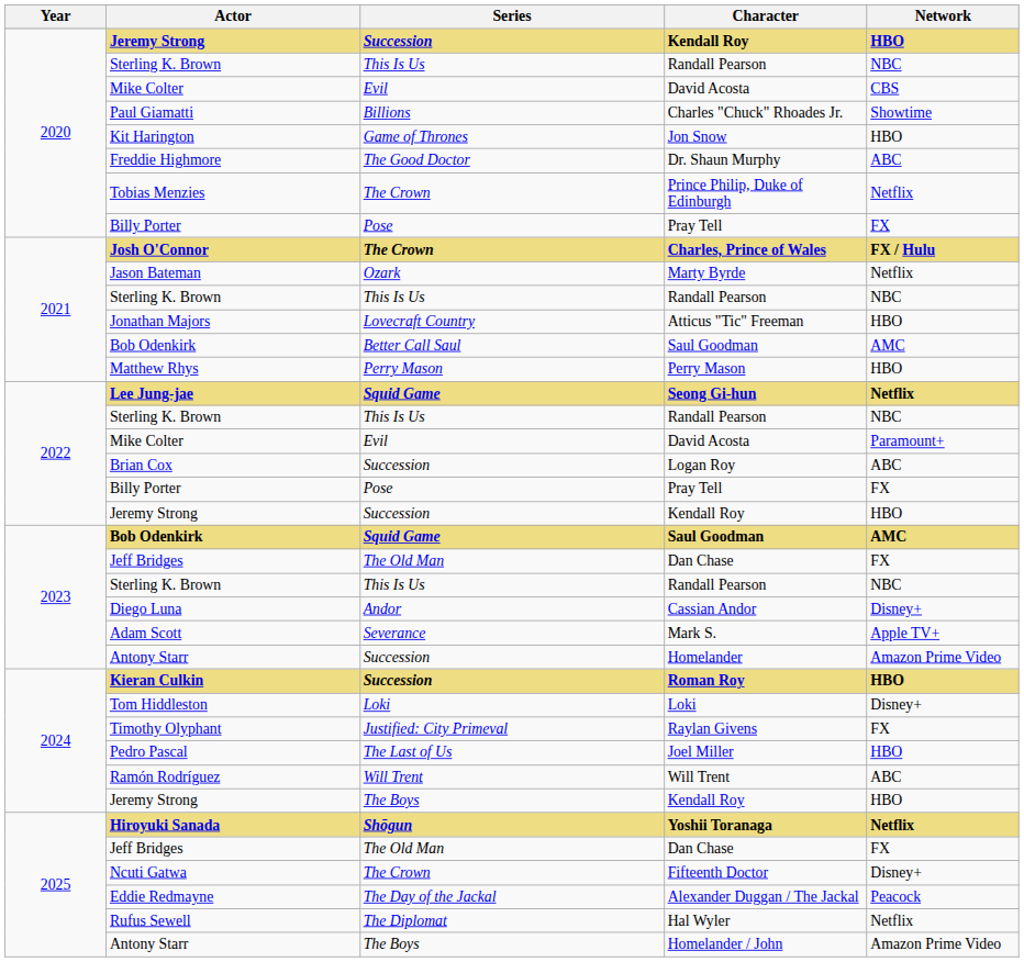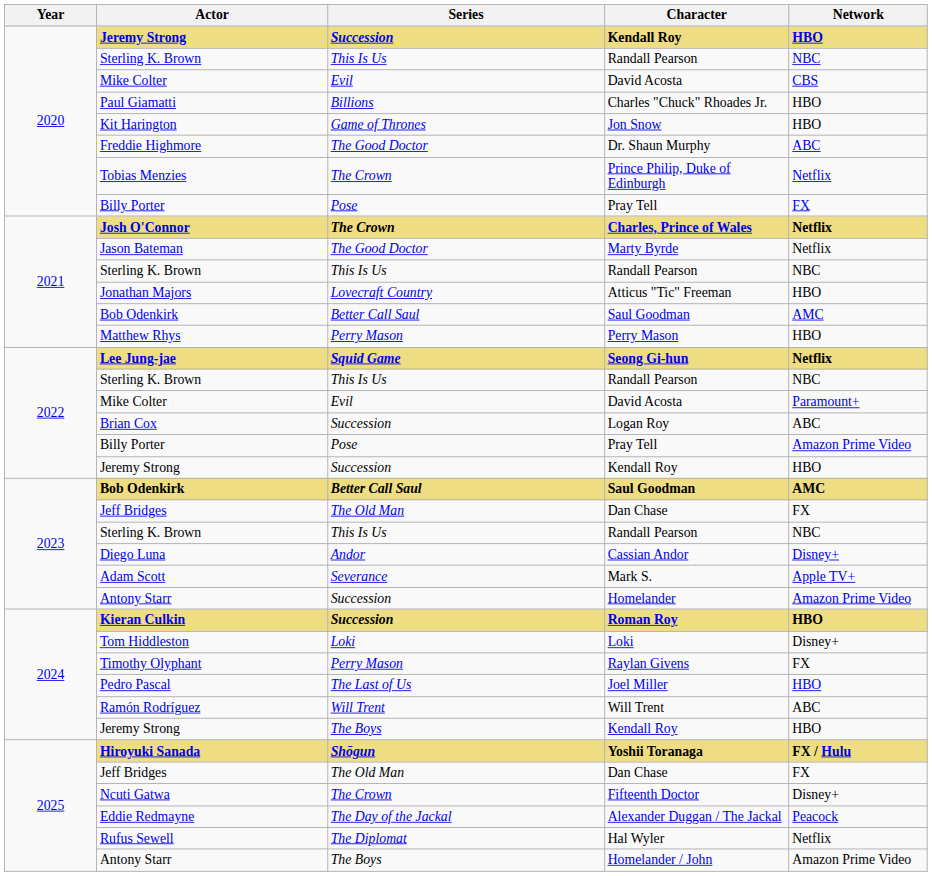 <table class="wikitable" style="width:85%">
 <tr style="background:#bebebe;">
 <th style="width:10%;">Year</th>
 <th style="wodth:25%;">Actor</th>
 <th style="width:30%;">Series</th>
 <th style="width:20%;">Character</th>
 <th style="width:15%;">Network</th>
 </tr>
 <tr>
 <td rowspan="8" style="text-align:center;"><a href='#'>2020</a><br></td>
 <td style="background:#EEDD82;"><strong><a href='#'>Jeremy Strong</a></strong></td>
 <td style="background:#EEDD82;"><strong><em><a href='#'>Succession</a></em></strong></td>
 <td style="background:#EEDD82;"><strong>Kendall Roy</strong></td>
 <td style="background:#EEDD82;"><strong><a href='#'>HBO</a></strong></td>
 </tr>
 <tr>
 <td><a href='#'>Sterling K. Brown</a></td>
 <td><em><a href='#'>This Is Us</a></em></td>
 <td>Randall Pearson</td>
 <td><a href='#'>NBC</a></td>
 </tr>
 <tr>
 <td><a href='#'>Mike Colter</a></td>
 <td><em><a href='#'>Evil</a></em></td>
 <td>David Acosta</td>
 <td><a href='#'>CBS</a></td>
 </tr>
 <tr>
 <td><a href='#'>Paul Giamatti</a></td>
 <td><em><a href='#'>Billions</a></em></td>
 <td>Charles "Chuck" Rhoades Jr.</td>
-<td><a href='#'>Showtime</a></td>
+<td>HBO</td>
 </tr>
 <tr>
 <td><a href='#'>Kit Harington</a></td>
 <td><em><a href='#'>Game of Thrones</a></em></td>
 <td><a href='#'>Jon Snow</a></td>
 <td>HBO</td>
 </tr>
 <tr>
 <td><a href='#'>Freddie Highmore</a></td>
 <td><em><a href='#'>The Good Doctor</a></em></td>
 <td>Dr. Shaun Murphy</td>
 <td><a href='#'>ABC</a></td>
 </tr>
 <tr>
 <td><a href='#'>Tobias Menzies</a></td>
 <td><em><a href='#'>The Crown</a></em></td>
 <td><a href='#'>Prince Philip, Duke of Edinburgh</a></td>
 <td><a href='#'>Netflix</a></td>
 </tr>
 <tr>
 <td><a href='#'>Billy Porter</a></td>
 <td><em><a href='#'>Pose</a></em></td>
 <td>Pray Tell</td>
 <td><a href='#'>FX</a></td>
 </tr>
 <tr>
 <td rowspan="6" style="text-align:center;"><a href='#'>2021</a><br></td>
 <td style="background:#EEDD82;"><strong><a href='#'>Josh O'Connor</a></strong></td>
 <td style="background:#EEDD82;"><strong><em>The Crown</em></strong></td>
 <td style="background:#EEDD82;"><strong><a href='#'>Charles, Prince of Wales</a></strong></td>
-<td style="background:#EEDD82;"><strong>FX / <a href='#'>Hulu</a></strong></td>
+<td style="background:#EEDD82;"><strong>Netflix</strong></td>
 </tr>
 <tr>
 <td><a href='#'>Jason Bateman</a></td>
-<td><em><a href='#'>Ozark</a></em></td>
+<td><em><a href='#'>The Good Doctor</a></em></td>
 <td><a href='#'>Marty Byrde</a></td>
 <td>Netflix</td>
 </tr>
 <tr>
 <td>Sterling K. Brown</td>
 <td><em>This Is Us</em></td>
 <td>Randall Pearson</td>
 <td>NBC</td>
 </tr>
 <tr>
 <td><a href='#'>Jonathan Majors</a></td>
 <td><em><a href='#'>Lovecraft Country</a></em></td>
 <td>Atticus "Tic" Freeman</td>
 <td>HBO</td>
 </tr>
 <tr>
 <td><a href='#'>Bob Odenkirk</a></td>
 <td><em><a href='#'>Better Call Saul</a></em></td>
 <td><a href='#'>Saul Goodman</a></td>
 <td><a href='#'>AMC</a></td>
 </tr>
 <tr>
 <td><a href='#'>Matthew Rhys</a></td>
 <td><em><a href='#'>Perry Mason</a></em></td>
 <td><a href='#'>Perry Mason</a></td>
 <td>HBO</td>
 </tr>
 <tr>
 <td rowspan="6" style="text-align:center;"><a href='#'>2022</a><br></td>
 <td style="background:#EEDD82;"><strong><a href='#'>Lee Jung-jae</a></strong></td>
 <td style="background:#EEDD82;"><strong><em><a href='#'>Squid Game</a></em></strong></td>
 <td style="background:#EEDD82;"><strong><a href='#'>Seong Gi-hun</a></strong></td>
 <td style="background:#EEDD82;"><strong>Netflix</strong></td>
 </tr>
 <tr>
 <td>Sterling K. Brown</td>
 <td><em>This Is Us</em></td>
 <td>Randall Pearson</td>
 <td>NBC</td>
 </tr>
 <tr>
 <td>Mike Colter</td>
 <td><em>Evil</em></td>
 <td>David Acosta</td>
 <td><a href='#'>Paramount+</a></td>
 </tr>
 <tr>
 <td><a href='#'>Brian Cox</a></td>
 <td><em>Succession</em></td>
 <td>Logan Roy</td>
 <td>ABC</td>
 </tr>
 <tr>
 <td>Billy Porter</td>
 <td><em>Pose</em></td>
 <td>Pray Tell</td>
-<td>FX</td>
+<td><a href='#'>Amazon Prime Video</a></td>
 </tr>
 <tr>
 <td>Jeremy Strong</td>
 <td><em>Succession</em></td>
 <td>Kendall Roy</td>
 <td>HBO</td>
 </tr>
 <tr>
 <td rowspan="6" style="text-align:center;"><a href='#'>2023</a><br></td>
 <td style="background:#EEDD82;"><strong>Bob Odenkirk</strong></td>
-<td style="background:#EEDD82;"><strong><em><a href='#'>Squid Game</a></em></strong></td>
+<td style="background:#EEDD82;"><strong><em>Better Call Saul</em></strong></td>
 <td style="background:#EEDD82;"><strong>Saul Goodman</strong></td>
 <td style="background:#EEDD82;"><strong>AMC</strong></td>
 </tr>
 <tr>
 <td><a href='#'>Jeff Bridges</a></td>
 <td><em><a href='#'>The Old Man</a></em></td>
 <td>Dan Chase</td>
 <td>FX</td>
 </tr>
 <tr>
 <td>Sterling K. Brown</td>
 <td><em>This Is Us</em></td>
 <td>Randall Pearson</td>
 <td>NBC</td>
 </tr>
 <tr>
 <td><a href='#'>Diego Luna</a></td>
 <td><em><a href='#'>Andor</a></em></td>
 <td><a href='#'>Cassian Andor</a></td>
 <td><a href='#'>Disney+</a></td>
 </tr>
 <tr>
 <td><a href='#'>Adam Scott</a></td>
 <td><em><a href='#'>Severance</a></em></td>
 <td>Mark S.</td>
 <td><a href='#'>Apple TV+</a></td>
 </tr>
 <tr>
 <td><a href='#'>Antony Starr</a></td>
 <td><em>Succession</em></td>
 <td><a href='#'>Homelander</a></td>
 <td><a href='#'>Amazon Prime Video</a></td>
 </tr>
 <tr>
 <td rowspan="6" style="text-align:center;"><a href='#'>2024</a><br></td>
 <td style="background:#EEDD82;"><strong><a href='#'>Kieran Culkin</a></strong></td>
 <td style="background:#EEDD82;"><strong><em>Succession</em></strong></td>
 <td style="background:#EEDD82;"><strong><a href='#'>Roman Roy</a></strong></td>
 <td style="background:#EEDD82;"><strong>HBO</strong></td>
 </tr>
 <tr>
 <td><a href='#'>Tom Hiddleston</a></td>
 <td><em><a href='#'>Loki</a></em></td>
 <td><a href='#'>Loki</a></td>
 <td>Disney+</td>
 </tr>
 <tr>
 <td><a href='#'>Timothy Olyphant</a></td>
-<td><em><a href='#'>Justified: City Primeval</a></em></td>
+<td><em><a href='#'>Perry Mason</a></em></td>
 <td><a href='#'>Raylan Givens</a></td>
 <td>FX</td>
 </tr>
 <tr>
 <td><a href='#'>Pedro Pascal</a></td>
 <td><em><a href='#'>The Last of Us</a></em></td>
 <td><a href='#'>Joel Miller</a></td>
 <td><a href='#'>HBO</a></td>
 </tr>
 <tr>
 <td><a href='#'>Ramón Rodríguez</a></td>
 <td><em><a href='#'>Will Trent</a></em></td>
 <td>Will Trent</td>
 <td>ABC</td>
 </tr>
 <tr>
 <td>Jeremy Strong</td>
 <td><em><a href='#'>The Boys</a></em></td>
 <td><a href='#'>Kendall Roy</a></td>
 <td>HBO</td>
 </tr>
 <tr>
 <td rowspan="6" style="text-align:center;"><a href='#'>2025</a><br></td>
 <td style="background:#EEDD82;"><strong><a href='#'>Hiroyuki Sanada</a></strong></td>
 <td style="background:#EEDD82;"><strong><em><a href='#'>Shōgun</a></em></strong></td>
 <td style="background:#EEDD82;"><strong>Yoshii Toranaga</strong></td>
-<td style="background:#EEDD82;"><strong>Netflix</strong></td>
+<td style="background:#EEDD82;"><strong>FX / <a href='#'>Hulu</a></strong></td>
 </tr>
 <tr>
 <td>Jeff Bridges</td>
 <td><em>The Old Man</em></td>
 <td>Dan Chase</td>
 <td>FX</td>
 </tr>
 <tr>
 <td><a href='#'>Ncuti Gatwa</a></td>
 <td><em><a href='#'>The Crown</a></em></td>
 <td><a href='#'>Fifteenth Doctor</a></td>
 <td>Disney+</td>
 </tr>
 <tr>
 <td><a href='#'>Eddie Redmayne</a></td>
 <td><em><a href='#'>The Day of the Jackal</a></em></td>
 <td><a href='#'>Alexander Duggan / The Jackal</a></td>
 <td><a href='#'>Peacock</a></td>
 </tr>
 <tr>
 <td><a href='#'>Rufus Sewell</a></td>
 <td><em><a href='#'>The Diplomat</a></em></td>
 <td>Hal Wyler</td>
 <td>Netflix</td>
 </tr>
 <tr>
 <td>Antony Starr</td>
 <td><em>The Boys</em></td>
 <td><a href='#'>Homelander / John</a></td>
 <td>Amazon Prime Video</td>
 </tr>
 </table>
